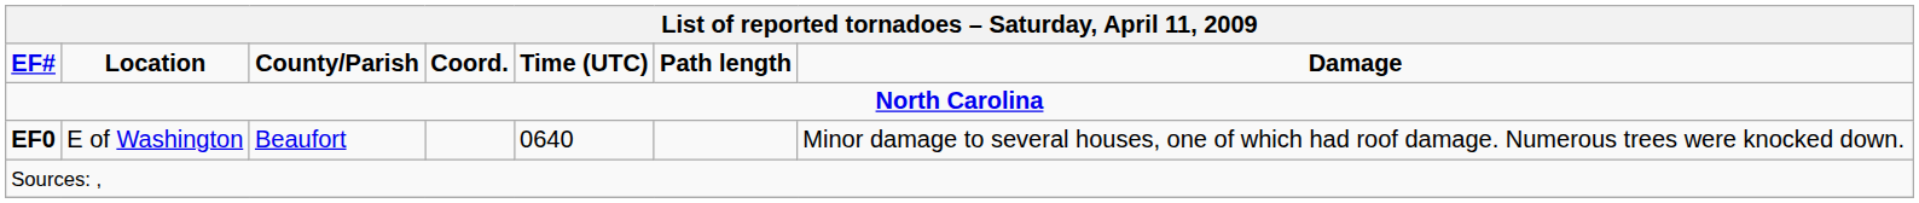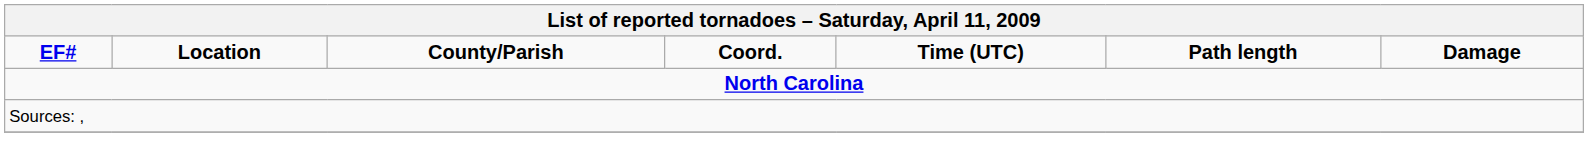 <table class="wikitable collapsible" width="100%">
 <tr>
 <th colspan="7">List of reported tornadoes – Saturday, April 11, 2009</th>
 </tr>
 <tr style="text-align:center;">
 <td><strong><a href='#'>EF#</a></strong></td>
 <td><strong>Location</strong></td>
 <td><strong>County/Parish</strong></td>
 <td><strong>Coord.</strong></td>
 <td><strong>Time (UTC)</strong></td>
 <td><strong>Path length</strong></td>
 <td><strong>Damage</strong></td>
 </tr>
 <tr>
 <td colspan="7" align=center><strong><a href='#'>North Carolina</a></strong></td>
 </tr>
 <tr>
-<td><strong>EF0</strong></td>
-<td>E of <a href='#'>Washington</a></td>
-<td><a href='#'>Beaufort</a></td>
-<td></td>
-<td>0640</td>
-<td></td>
-<td>Minor damage to several houses, one of which had roof damage. Numerous trees were knocked down.</td>
-</tr>
-<tr>
 <td colspan="7"><small>Sources: , </small></td>
 </tr>
 <tr>
 </tr>
 </table>
